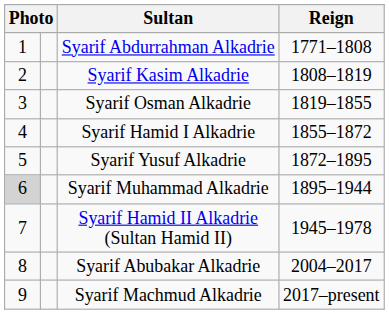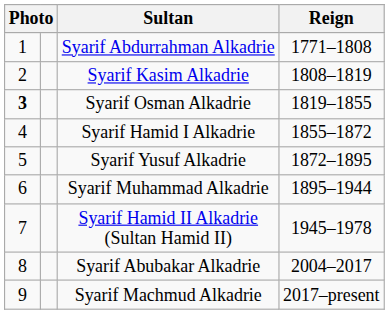 <table class="wikitable" style="text-align:center;">
 <tr style="background:#cccccc">
 <th colspan=2>Photo</th>
 <th>Sultan</th>
 <th>Reign</th>
 </tr>
 <tr>
 <td>1</td>
 <td></td>
 <td><a href='#'>Syarif Abdurrahman Alkadrie</a></td>
 <td>1771–1808</td>
 </tr>
 <tr>
 <td>2</td>
 <td></td>
 <td><a href='#'>Syarif Kasim Alkadrie</a></td>
 <td>1808–1819</td>
 </tr>
 <tr>
-<td>3</td>
+<td><strong>3</strong></td>
 <td></td>
 <td>Syarif Osman Alkadrie</td>
 <td>1819–1855</td>
 </tr>
 <tr>
 <td>4</td>
 <td></td>
 <td>Syarif Hamid I Alkadrie</td>
 <td>1855–1872</td>
 </tr>
 <tr>
 <td>5</td>
 <td></td>
 <td>Syarif Yusuf Alkadrie</td>
 <td>1872–1895</td>
 </tr>
 <tr>
-<td style="background: lightgrey;">6</td>
+<td>6</td>
 <td></td>
 <td>Syarif Muhammad Alkadrie</td>
 <td>1895–1944</td>
 </tr>
 <tr>
 <td>7</td>
 <td></td>
 <td><a href='#'>Syarif Hamid II Alkadrie</a><br>(Sultan Hamid II)</td>
 <td>1945–1978</td>
 </tr>
 <tr>
 <td>8</td>
 <td></td>
 <td>Syarif Abubakar Alkadrie</td>
 <td>2004–2017 </td>
 </tr>
 <tr>
 <td>9</td>
 <td></td>
 <td>Syarif Machmud Alkadrie</td>
 <td>2017–present</td>
 </tr>
 </table>
